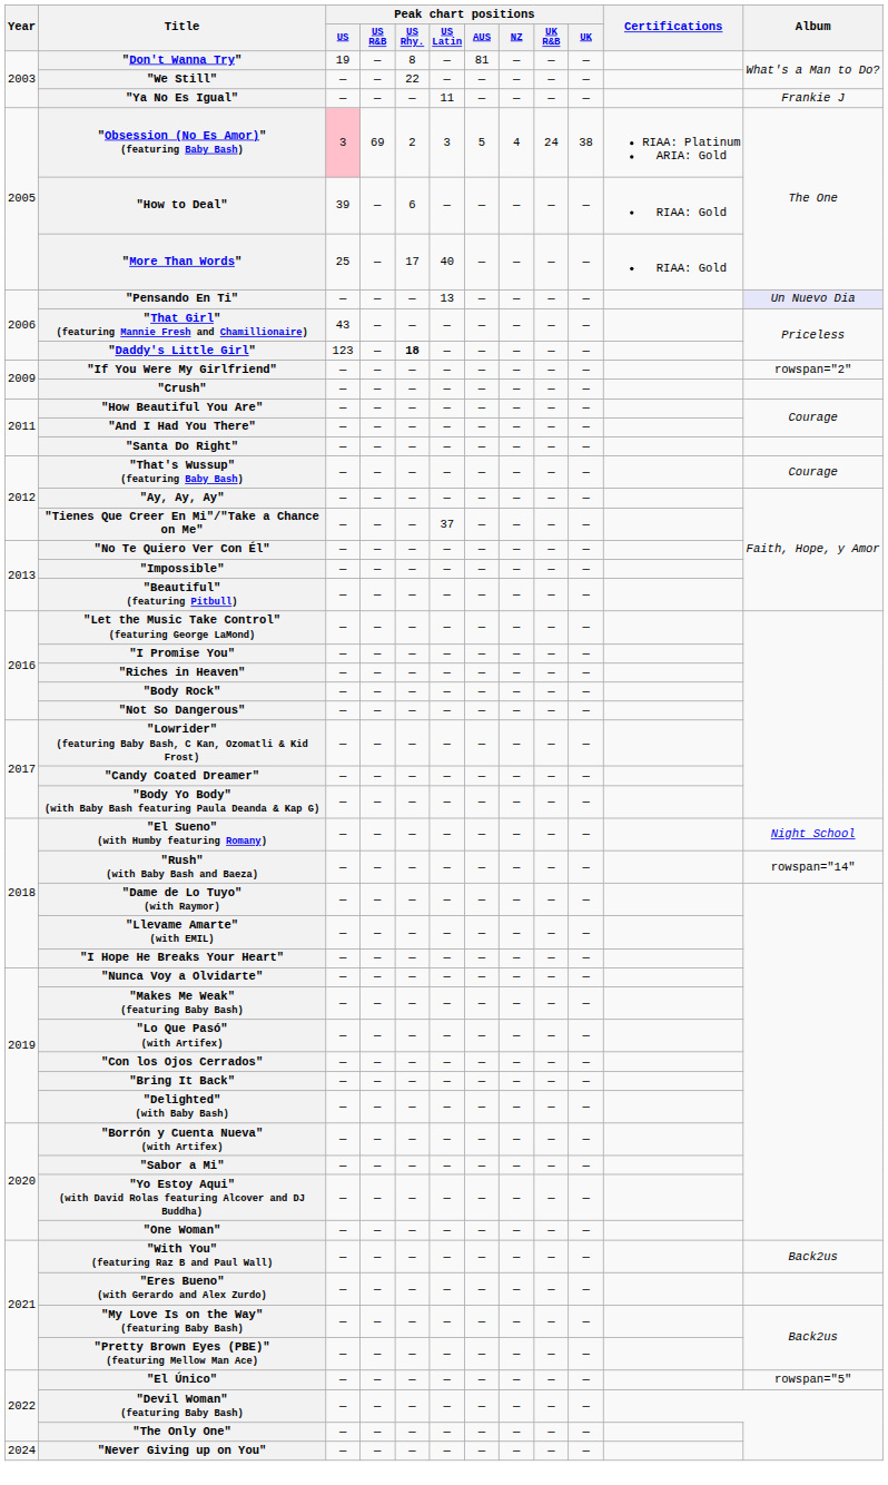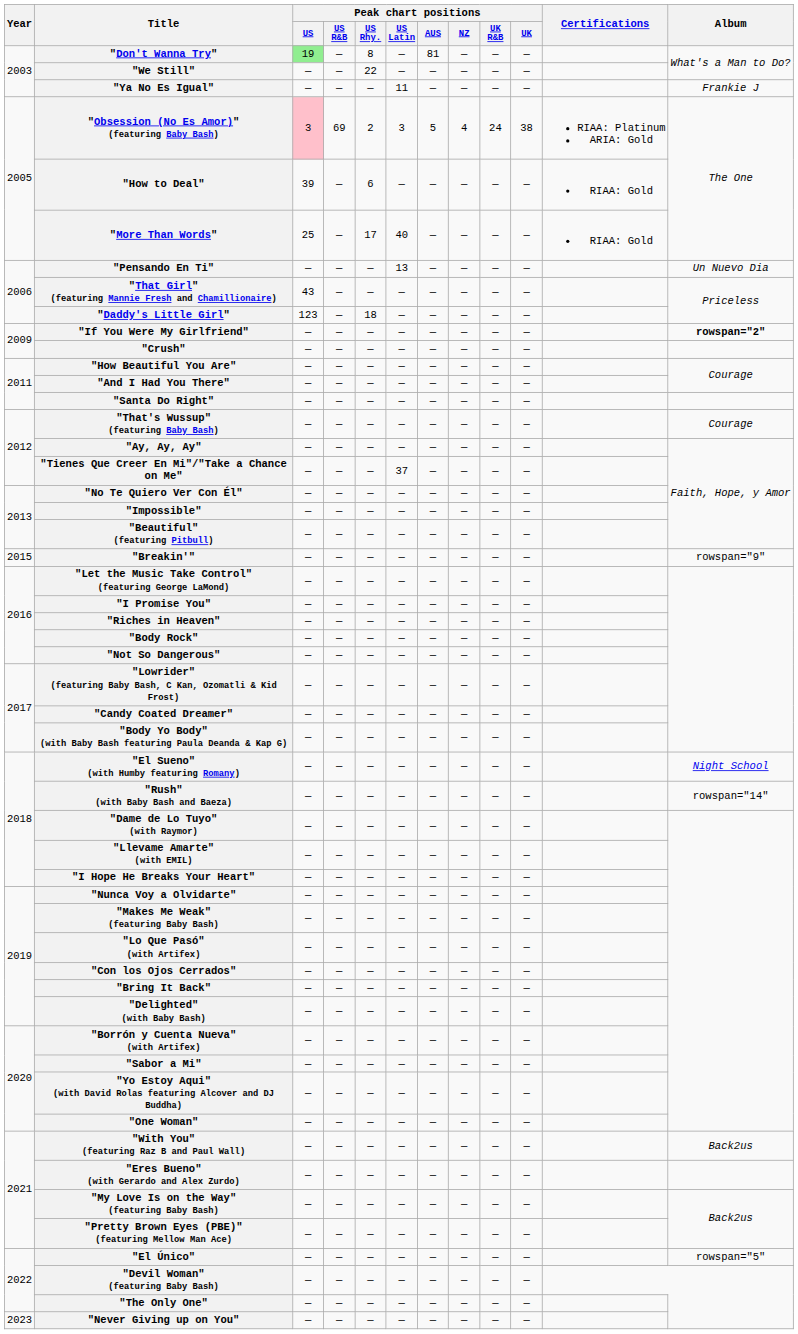 <table class="wikitable plainrowheaders" style="text-align:center;">
 <tr>
 <th scope="col" rowspan="2" style="width:1em;">Year</th>
 <th scope="col" rowspan="2" style="width:24em;">Title</th>
 <th scope="col" colspan="8">Peak chart positions</th>
 <th scope="col" rowspan="2"><a href='#'>Certifications</a></th>
 <th scope="col" rowspan="2">Album</th>
 </tr>
 <tr>
 <th scope="col" style="width:3em;font-size:85%;"><a href='#'>US</a><br></th>
 <th scope="col" style="width:3em;font-size:85%;"><a href='#'>US<br>R&B</a></th>
 <th scope="col" style="width:3em;font-size:85%;"><a href='#'>US Rhy.</a><br></th>
 <th scope="col" style="width:3em;font-size:85%;"><a href='#'>US Latin</a><br></th>
 <th scope="col" style="width:3em;font-size:85%;"><a href='#'>AUS</a><br></th>
 <th scope="col" style="width:3em;font-size:85%;"><a href='#'>NZ</a></th>
 <th scope="col" style="width:3em;font-size:85%;"><a href='#'>UK<br>R&B</a></th>
 <th scope="col" style="width:3em;font-size:85%;"><a href='#'>UK</a></th>
 </tr>
 <tr>
 <td rowspan="3">2003</td>
 <th scope="row">"<a href='#'>Don't Wanna Try</a>"</th>
-<td>19</td>
+<td style="background: lightgreen;">19</td>
 <td>—</td>
 <td>8</td>
 <td>—</td>
 <td>81</td>
 <td>—</td>
 <td>—</td>
 <td>—</td>
 <td></td>
 <td rowspan="2"><em>What's a Man to Do?</em></td>
 </tr>
 <tr>
 <th scope="row">"We Still"</th>
 <td>—</td>
 <td>—</td>
 <td>22</td>
 <td>—</td>
 <td>—</td>
 <td>—</td>
 <td>—</td>
 <td>—</td>
 <td></td>
 </tr>
 <tr>
 <th scope="row">"Ya No Es Igual"</th>
 <td>—</td>
 <td>—</td>
 <td>—</td>
 <td>11</td>
 <td>—</td>
 <td>—</td>
 <td>—</td>
 <td>—</td>
 <td></td>
 <td><em>Frankie J</em></td>
 </tr>
 <tr>
 <td rowspan="3">2005</td>
 <th scope="row">"<a href='#'>Obsession (No Es Amor)</a>"<br><small>(featuring <a href='#'>Baby Bash</a>)</small></th>
 <td style="background: pink;">3</td>
 <td>69</td>
 <td>2</td>
 <td>3</td>
 <td>5</td>
 <td>4</td>
 <td>24</td>
 <td>38</td>
 <td><br><ul><li>RIAA: Platinum</li><li>ARIA: Gold</li></ul></td>
 <td rowspan="3"><em>The One</em></td>
 </tr>
 <tr>
 <th scope="row">"How to Deal"</th>
 <td>39</td>
 <td>—</td>
 <td>6</td>
 <td>—</td>
 <td>—</td>
 <td>—</td>
 <td>—</td>
 <td>—</td>
 <td><br><ul><li>RIAA: Gold</li></ul></td>
 </tr>
 <tr>
 <th scope="row">"<a href='#'>More Than Words</a>"</th>
 <td>25</td>
 <td>—</td>
 <td>17</td>
 <td>40</td>
 <td>—</td>
 <td>—</td>
 <td>—</td>
 <td>—</td>
 <td><br><ul><li>RIAA: Gold</li></ul></td>
 </tr>
 <tr>
 <td rowspan="3">2006</td>
 <th scope="row">"Pensando En Ti"</th>
 <td>—</td>
 <td>—</td>
 <td>—</td>
 <td>13</td>
 <td>—</td>
 <td>—</td>
 <td>—</td>
 <td>—</td>
 <td></td>
-<td style="background: lavender;"><em>Un Nuevo Dia</em></td>
+<td><em>Un Nuevo Dia</em></td>
 </tr>
 <tr>
 <th scope="row">"<a href='#'>That Girl</a>"<br><small>(featuring <a href='#'>Mannie Fresh</a> and <a href='#'>Chamillionaire</a>)</small></th>
 <td>43</td>
 <td>—</td>
 <td>—</td>
 <td>—</td>
 <td>—</td>
 <td>—</td>
 <td>—</td>
 <td>—</td>
 <td></td>
 <td rowspan="2"><em>Priceless</em></td>
 </tr>
 <tr>
 <th scope="row">"<a href='#'>Daddy's Little Girl</a>"</th>
 <td>123</td>
 <td>—</td>
-<td><strong>18</strong></td>
+<td>18</td>
 <td>—</td>
 <td>—</td>
 <td>—</td>
 <td>—</td>
 <td>—</td>
 <td></td>
 </tr>
 <tr>
 <td rowspan="2">2009</td>
 <th scope="row">"If You Were My Girlfriend"</th>
 <td>—</td>
 <td>—</td>
 <td>—</td>
 <td>—</td>
 <td>—</td>
 <td>—</td>
 <td>—</td>
 <td>—</td>
 <td></td>
-<td>rowspan="2" </td>
+<td><strong>rowspan="2" </strong></td>
 </tr>
 <tr>
 <th scope="row">"Crush"</th>
 <td>—</td>
 <td>—</td>
 <td>—</td>
 <td>—</td>
 <td>—</td>
 <td>—</td>
 <td>—</td>
 <td>—</td>
 <td></td>
 </tr>
 <tr>
 <td rowspan="3">2011</td>
 <th scope="row">"How Beautiful You Are"</th>
 <td>—</td>
 <td>—</td>
 <td>—</td>
 <td>—</td>
 <td>—</td>
 <td>—</td>
 <td>—</td>
 <td>—</td>
 <td></td>
 <td rowspan="2"><em>Courage</em></td>
 </tr>
 <tr>
 <th scope="row">"And I Had You There"</th>
 <td>—</td>
 <td>—</td>
 <td>—</td>
 <td>—</td>
 <td>—</td>
 <td>—</td>
 <td>—</td>
 <td>—</td>
 <td></td>
 </tr>
 <tr>
 <th scope="row">"Santa Do Right"</th>
 <td>—</td>
 <td>—</td>
 <td>—</td>
 <td>—</td>
 <td>—</td>
 <td>—</td>
 <td>—</td>
 <td>—</td>
 <td></td>
 <td></td>
 </tr>
 <tr>
 <td rowspan="3">2012</td>
 <th scope="row">"That's Wussup"<br><small>(featuring <a href='#'>Baby Bash</a>)</small></th>
 <td>—</td>
 <td>—</td>
 <td>—</td>
 <td>—</td>
 <td>—</td>
 <td>—</td>
 <td>—</td>
 <td>—</td>
 <td></td>
 <td><em>Courage</em></td>
 </tr>
 <tr>
 <th scope="row">"Ay, Ay, Ay"</th>
 <td>—</td>
 <td>—</td>
 <td>—</td>
 <td>—</td>
 <td>—</td>
 <td>—</td>
 <td>—</td>
 <td>—</td>
 <td></td>
 <td rowspan="5"><em>Faith, Hope, y Amor</em></td>
 </tr>
 <tr>
 <th scope="row">"Tienes Que Creer En Mi"/"Take a Chance on Me"</th>
 <td>—</td>
 <td>—</td>
 <td>—</td>
 <td>37</td>
 <td>—</td>
 <td>—</td>
 <td>—</td>
 <td>—</td>
 <td></td>
 </tr>
 <tr>
 <td rowspan="3">2013</td>
 <th scope="row">"No Te Quiero Ver Con Él"</th>
 <td>—</td>
 <td>—</td>
 <td>—</td>
 <td>—</td>
 <td>—</td>
 <td>—</td>
 <td>—</td>
 <td>—</td>
 <td></td>
 </tr>
 <tr>
 <th scope="row">"Impossible"</th>
 <td>—</td>
 <td>—</td>
 <td>—</td>
 <td>—</td>
 <td>—</td>
 <td>—</td>
 <td>—</td>
 <td>—</td>
 <td></td>
 </tr>
 <tr>
 <th scope="row">"Beautiful"<br><small>(featuring <a href='#'>Pitbull</a>)</small></th>
 <td>—</td>
 <td>—</td>
 <td>—</td>
 <td>—</td>
 <td>—</td>
 <td>—</td>
 <td>—</td>
 <td>—</td>
 <td></td>
+</tr>
+<tr>
+<td>2015</td>
+<th scope="row">"Breakin'"</th>
+<td>—</td>
+<td>—</td>
+<td>—</td>
+<td>—</td>
+<td>—</td>
+<td>—</td>
+<td>—</td>
+<td>—</td>
+<td></td>
+<td>rowspan="9" </td>
 </tr>
 <tr>
 <td rowspan="5">2016</td>
 <th scope="row">"Let the Music Take Control"<br><small>(featuring George LaMond)</small></th>
 <td>—</td>
 <td>—</td>
 <td>—</td>
 <td>—</td>
 <td>—</td>
 <td>—</td>
 <td>—</td>
 <td>—</td>
 <td></td>
 </tr>
 <tr>
 <th scope="row">"I Promise You"</th>
 <td>—</td>
 <td>—</td>
 <td>—</td>
 <td>—</td>
 <td>—</td>
 <td>—</td>
 <td>—</td>
 <td>—</td>
 <td></td>
 </tr>
 <tr>
 <th scope="row">"Riches in Heaven"</th>
 <td>—</td>
 <td>—</td>
 <td>—</td>
 <td>—</td>
 <td>—</td>
 <td>—</td>
 <td>—</td>
 <td>—</td>
 <td></td>
 </tr>
 <tr>
 <th scope="row">"Body Rock"</th>
 <td>—</td>
 <td>—</td>
 <td>—</td>
 <td>—</td>
 <td>—</td>
 <td>—</td>
 <td>—</td>
 <td>—</td>
 <td></td>
 </tr>
 <tr>
 <th scope="row">"Not So Dangerous"</th>
 <td>—</td>
 <td>—</td>
 <td>—</td>
 <td>—</td>
 <td>—</td>
 <td>—</td>
 <td>—</td>
 <td>—</td>
 <td></td>
 </tr>
 <tr>
 <td rowspan="3">2017</td>
 <th scope="row">"Lowrider"<br><small>(featuring Baby Bash, C Kan, Ozomatli & Kid Frost)</small></th>
 <td>—</td>
 <td>—</td>
 <td>—</td>
 <td>—</td>
 <td>—</td>
 <td>—</td>
 <td>—</td>
 <td>—</td>
 <td></td>
 </tr>
 <tr>
 <th scope="row">"Candy Coated Dreamer"</th>
 <td>—</td>
 <td>—</td>
 <td>—</td>
 <td>—</td>
 <td>—</td>
 <td>—</td>
 <td>—</td>
 <td>—</td>
 <td></td>
 </tr>
 <tr>
 <th scope="row">"Body Yo Body"<br><small>(with Baby Bash featuring Paula Deanda & Kap G)</small></th>
 <td>—</td>
 <td>—</td>
 <td>—</td>
 <td>—</td>
 <td>—</td>
 <td>—</td>
 <td>—</td>
 <td>—</td>
 <td></td>
 </tr>
 <tr>
 <td rowspan="5">2018</td>
 <th scope="row">"El Sueno"<br><small>(with Humby featuring <a href='#'>Romany</a>)</small></th>
 <td>—</td>
 <td>—</td>
 <td>—</td>
 <td>—</td>
 <td>—</td>
 <td>—</td>
 <td>—</td>
 <td>—</td>
 <td></td>
 <td><em><a href='#'>Night School</a></em></td>
 </tr>
 <tr>
 <th scope="row">"Rush"<br><small>(with Baby Bash and Baeza)</small></th>
 <td>—</td>
 <td>—</td>
 <td>—</td>
 <td>—</td>
 <td>—</td>
 <td>—</td>
 <td>—</td>
 <td>—</td>
 <td></td>
 <td>rowspan="14" </td>
 </tr>
 <tr>
 <th scope="row">"Dame de Lo Tuyo"<br><small>(with Raymor)</small></th>
 <td>—</td>
 <td>—</td>
 <td>—</td>
 <td>—</td>
 <td>—</td>
 <td>—</td>
 <td>—</td>
 <td>—</td>
 <td></td>
 </tr>
 <tr>
 <th scope="row">"Llevame Amarte"<br><small>(with EMIL)</small></th>
 <td>—</td>
 <td>—</td>
 <td>—</td>
 <td>—</td>
 <td>—</td>
 <td>—</td>
 <td>—</td>
 <td>—</td>
 <td></td>
 </tr>
 <tr>
 <th scope="row">"I Hope He Breaks Your Heart"</th>
 <td>—</td>
 <td>—</td>
 <td>—</td>
 <td>—</td>
 <td>—</td>
 <td>—</td>
 <td>—</td>
 <td>—</td>
 <td></td>
 </tr>
 <tr>
 <td rowspan="6">2019</td>
 <th scope="row">"Nunca Voy a Olvidarte"</th>
 <td>—</td>
 <td>—</td>
 <td>—</td>
 <td>—</td>
 <td>—</td>
 <td>—</td>
 <td>—</td>
 <td>—</td>
 <td></td>
 </tr>
 <tr>
 <th scope="row">"Makes Me Weak"<br><small>(featuring Baby Bash)</small></th>
 <td>—</td>
 <td>—</td>
 <td>—</td>
 <td>—</td>
 <td>—</td>
 <td>—</td>
 <td>—</td>
 <td>—</td>
 <td></td>
 </tr>
 <tr>
 <th scope="row">"Lo Que Pasó"<br><small>(with Artifex)</small></th>
 <td>—</td>
 <td>—</td>
 <td>—</td>
 <td>—</td>
 <td>—</td>
 <td>—</td>
 <td>—</td>
 <td>—</td>
 <td></td>
 </tr>
 <tr>
 <th scope="row">"Con los Ojos Cerrados"</th>
 <td>—</td>
 <td>—</td>
 <td>—</td>
 <td>—</td>
 <td>—</td>
 <td>—</td>
 <td>—</td>
 <td>—</td>
 <td></td>
 </tr>
 <tr>
 <th scope="row">"Bring It Back"</th>
 <td>—</td>
 <td>—</td>
 <td>—</td>
 <td>—</td>
 <td>—</td>
 <td>—</td>
 <td>—</td>
 <td>—</td>
 <td></td>
 </tr>
 <tr>
 <th scope="row">"Delighted"<br><small>(with Baby Bash)</small></th>
 <td>—</td>
 <td>—</td>
 <td>—</td>
 <td>—</td>
 <td>—</td>
 <td>—</td>
 <td>—</td>
 <td>—</td>
 <td></td>
 </tr>
 <tr>
 <td rowspan="4">2020</td>
 <th scope="row">"Borrón y Cuenta Nueva"<br><small>(with Artifex)</small></th>
 <td>—</td>
 <td>—</td>
 <td>—</td>
 <td>—</td>
 <td>—</td>
 <td>—</td>
 <td>—</td>
 <td>—</td>
 <td></td>
 </tr>
 <tr>
 <th scope="row">"Sabor a Mi"</th>
 <td>—</td>
 <td>—</td>
 <td>—</td>
 <td>—</td>
 <td>—</td>
 <td>—</td>
 <td>—</td>
 <td>—</td>
 <td></td>
 </tr>
 <tr>
 <th scope="row">"Yo Estoy Aqui"<br><small>(with David Rolas featuring Alcover and DJ Buddha)</small></th>
 <td>—</td>
 <td>—</td>
 <td>—</td>
 <td>—</td>
 <td>—</td>
 <td>—</td>
 <td>—</td>
 <td>—</td>
 <td></td>
 </tr>
 <tr>
 <th scope="row">"One Woman"</th>
 <td>—</td>
 <td>—</td>
 <td>—</td>
 <td>—</td>
 <td>—</td>
 <td>—</td>
 <td>—</td>
 <td>—</td>
 <td></td>
 </tr>
 <tr>
 <td rowspan="4">2021</td>
 <th scope="row">"With You"<br><small>(featuring Raz B and Paul Wall)</small></th>
 <td>—</td>
 <td>—</td>
 <td>—</td>
 <td>—</td>
 <td>—</td>
 <td>—</td>
 <td>—</td>
 <td>—</td>
 <td></td>
 <td><em>Back2us</em></td>
 </tr>
 <tr>
 <th scope="row">"Eres Bueno"<br><small>(with Gerardo and Alex Zurdo)</small></th>
 <td>—</td>
 <td>—</td>
 <td>—</td>
 <td>—</td>
 <td>—</td>
 <td>—</td>
 <td>—</td>
 <td>—</td>
 <td></td>
 <td></td>
 </tr>
 <tr>
 <th scope="row">"My Love Is on the Way"<br><small>(featuring Baby Bash)</small></th>
 <td>—</td>
 <td>—</td>
 <td>—</td>
 <td>—</td>
 <td>—</td>
 <td>—</td>
 <td>—</td>
 <td>—</td>
 <td></td>
 <td rowspan="2"><em>Back2us</em></td>
 </tr>
 <tr>
 <th scope="row">"Pretty Brown Eyes (PBE)"<br><small>(featuring Mellow Man Ace)</small></th>
 <td>—</td>
 <td>—</td>
 <td>—</td>
 <td>—</td>
 <td>—</td>
 <td>—</td>
 <td>—</td>
 <td>—</td>
 <td></td>
 </tr>
 <tr>
 <td rowspan="3">2022</td>
 <th scope="row">"El Único"</th>
 <td>—</td>
 <td>—</td>
 <td>—</td>
 <td>—</td>
 <td>—</td>
 <td>—</td>
 <td>—</td>
 <td>—</td>
 <td></td>
 <td>rowspan="5" </td>
 </tr>
 <tr>
 <th scope="row">"Devil Woman"<br><small>(featuring Baby Bash)</small></th>
 <td>—</td>
 <td>—</td>
 <td>—</td>
 <td>—</td>
 <td>—</td>
 <td>—</td>
 <td>—</td>
 <td>—</td>
 </tr>
 <tr>
 <th scope="row">"The Only One"</th>
 <td>—</td>
 <td>—</td>
 <td>—</td>
 <td>—</td>
 <td>—</td>
 <td>—</td>
 <td>—</td>
 <td>—</td>
 <td></td>
 </tr>
 <tr>
-<td>2024</td>
+<td>2023</td>
 <th scope="row">"Never Giving up on You"</th>
 <td>—</td>
 <td>—</td>
 <td>—</td>
 <td>—</td>
 <td>—</td>
 <td>—</td>
 <td>—</td>
 <td>—</td>
 <td></td>
 </tr>
 </table>
